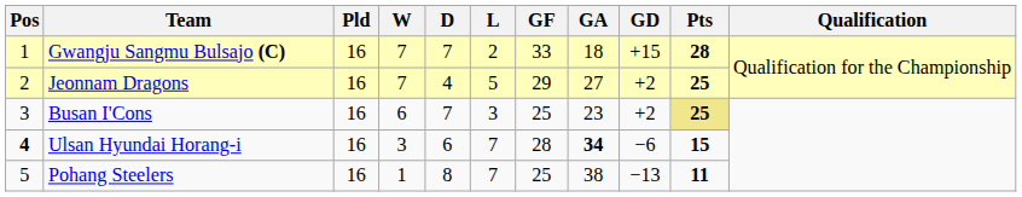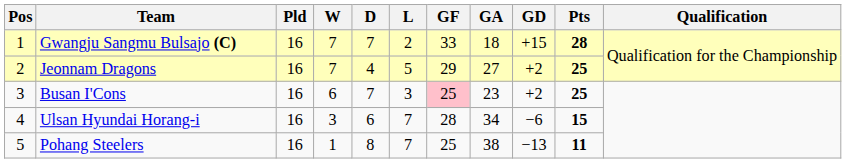 <table class="wikitable" style="text-align:center;">
 <tr>
 <th width=20>Pos</th>
 <th width=230>Team</th>
 <th width=30 abbr="Played">Pld</th>
 <th width=30 abbr="Won">W</th>
 <th width=30 abbr="Draw">D</th>
 <th width=30 abbr="Lost">L</th>
 <th width=35 abbr="Goals for">GF</th>
 <th width=35 abbr="Goals against">GA</th>
 <th width=35 abbr="Goal difference">GD</th>
 <th width=40 abbr="Points">Pts</th>
 <th>Qualification</th>
 </tr>
 <tr bgcolor=#ffffbb>
 <td>1</td>
 <td align="left"><a href='#'>Gwangju Sangmu Bulsajo</a> <strong>(C)</strong></td>
 <td>16</td>
 <td>7</td>
 <td>7</td>
 <td>2</td>
 <td>33</td>
 <td>18</td>
 <td>+15</td>
 <td><strong>28</strong></td>
 <td rowspan=2>Qualification for the Championship</td>
 </tr>
 <tr bgcolor=#ffffbb>
 <td>2</td>
 <td align="left"><a href='#'>Jeonnam Dragons</a></td>
 <td>16</td>
 <td>7</td>
 <td>4</td>
 <td>5</td>
 <td>29</td>
 <td>27</td>
 <td>+2</td>
 <td><strong>25</strong></td>
 </tr>
 <tr>
 <td>3</td>
 <td align="left"><a href='#'>Busan I'Cons</a></td>
 <td>16</td>
 <td>6</td>
 <td>7</td>
 <td>3</td>
-<td>25</td>
+<td style="background: pink;">25</td>
 <td>23</td>
 <td>+2</td>
-<td style="background: khaki;"><strong>25</strong></td>
+<td><strong>25</strong></td>
 <td rowspan="3"></td>
 </tr>
 <tr>
-<td><strong>4</strong></td>
+<td>4</td>
 <td align="left"><a href='#'>Ulsan Hyundai Horang-i</a></td>
 <td>16</td>
 <td>3</td>
 <td>6</td>
 <td>7</td>
 <td>28</td>
-<td><strong>34</strong></td>
+<td>34</td>
 <td>−6</td>
 <td><strong>15</strong></td>
 </tr>
 <tr>
 <td>5</td>
 <td align="left"><a href='#'>Pohang Steelers</a></td>
 <td>16</td>
 <td>1</td>
 <td>8</td>
 <td>7</td>
 <td>25</td>
 <td>38</td>
 <td>−13</td>
 <td><strong>11</strong></td>
 </tr>
 </table>
